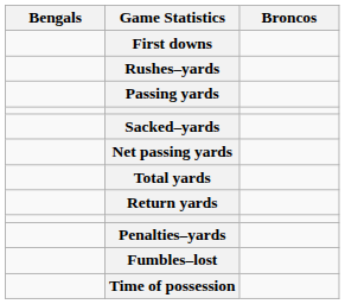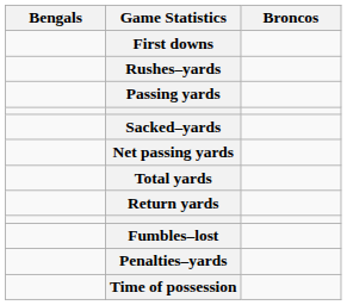 <table class="wikitable" style="margin: 1em auto 1em auto">
 <tr>
 <th style="width:30%;">Bengals</th>
 <th style="width:40%;">Game Statistics</th>
 <th style="width:30%;">Broncos</th>
 </tr>
 <tr>
 <td style="text-align:right;"></td>
 <th>First downs</th>
 <td></td>
 </tr>
 <tr>
 <td style="text-align:right;"></td>
 <th>Rushes–yards</th>
 <td></td>
 </tr>
 <tr>
 <td style="text-align:right;"></td>
 <th>Passing yards</th>
 <td></td>
 </tr>
 <tr>
 <td style="text-align:right;"></td>
 <th></th>
 <td></td>
 </tr>
 <tr>
 <td style="text-align:right;"></td>
 <th>Sacked–yards</th>
 <td></td>
 </tr>
 <tr>
 <td style="text-align:right;"></td>
 <th>Net passing yards</th>
 <td></td>
 </tr>
 <tr>
 <td style="text-align:right;"></td>
 <th>Total yards</th>
 <td></td>
 </tr>
 <tr>
 <td style="text-align:right;"></td>
 <th>Return yards</th>
 <td></td>
 </tr>
 <tr>
 <td style="text-align:right;"></td>
 <th></th>
 <td></td>
 </tr>
 <tr>
 <td style="text-align:right;"></td>
-<th>Penalties–yards</th>
+<th>Fumbles–lost</th>
 <td></td>
 </tr>
 <tr>
 <td style="text-align:right;"></td>
-<th>Fumbles–lost</th>
+<th>Penalties–yards</th>
 <td></td>
 </tr>
 <tr>
 <td style="text-align:right;"></td>
 <th>Time of possession</th>
 <td></td>
 </tr>
 </table>
